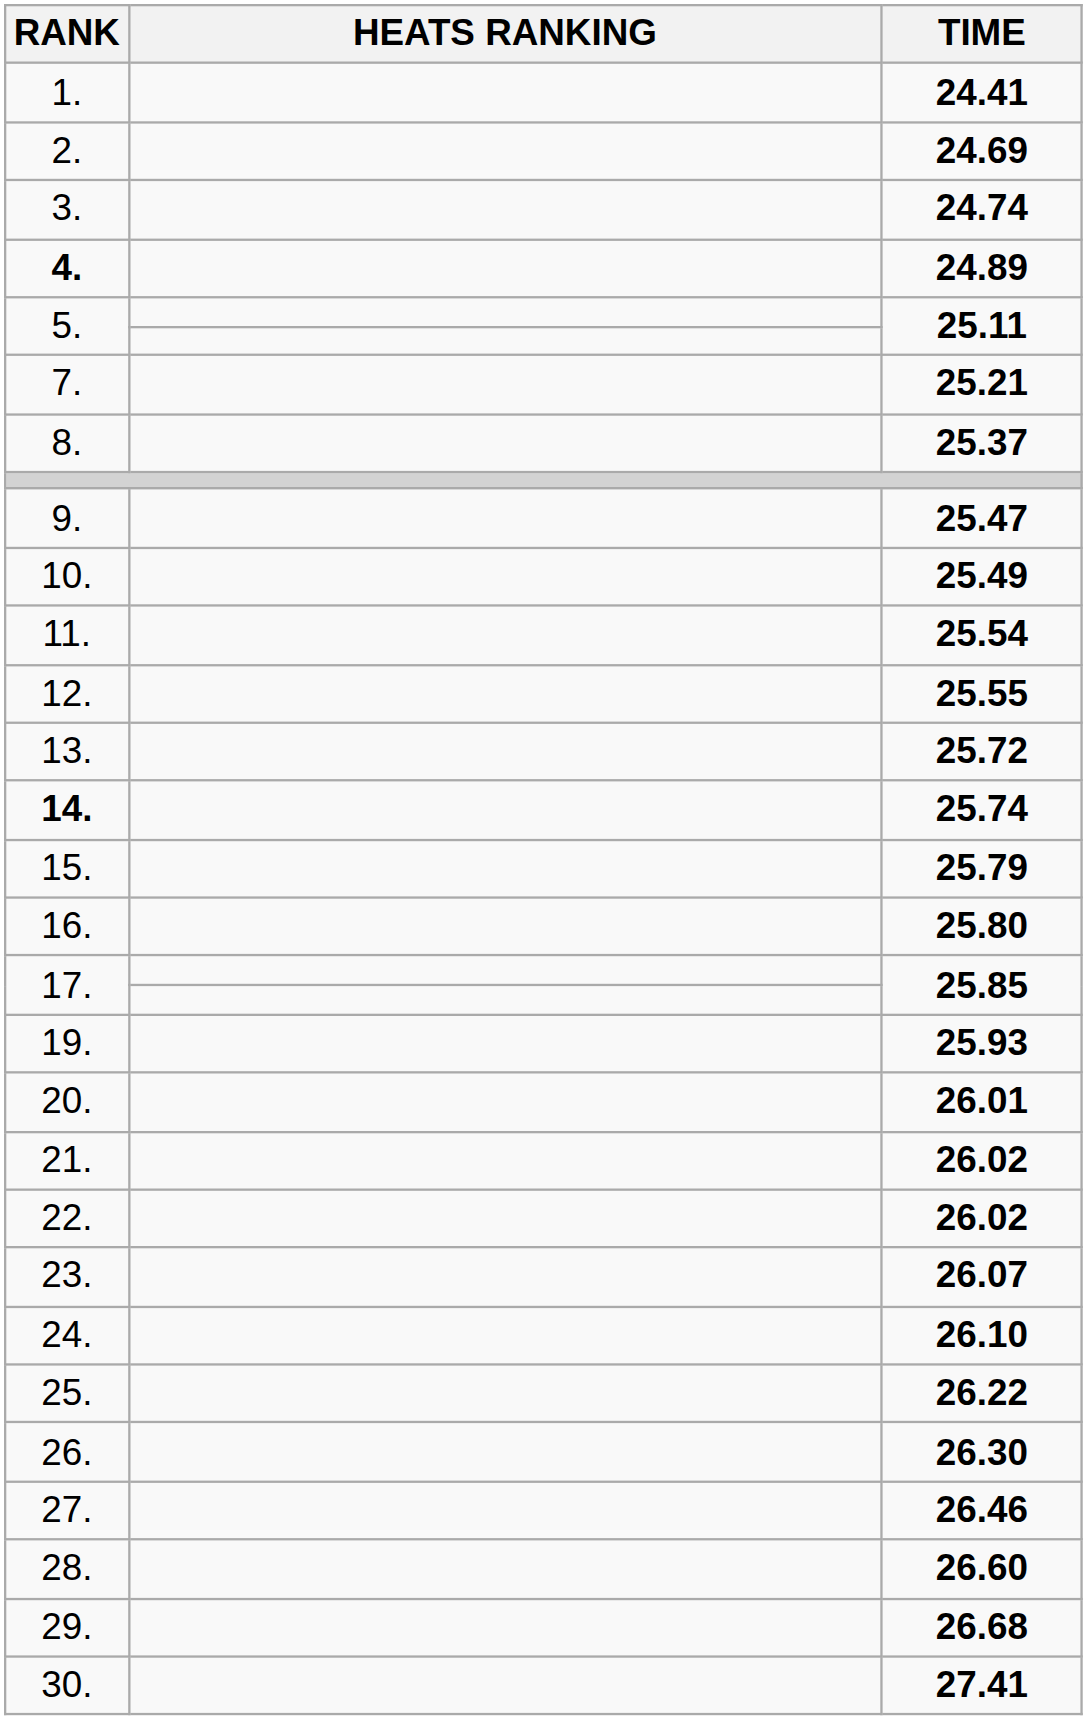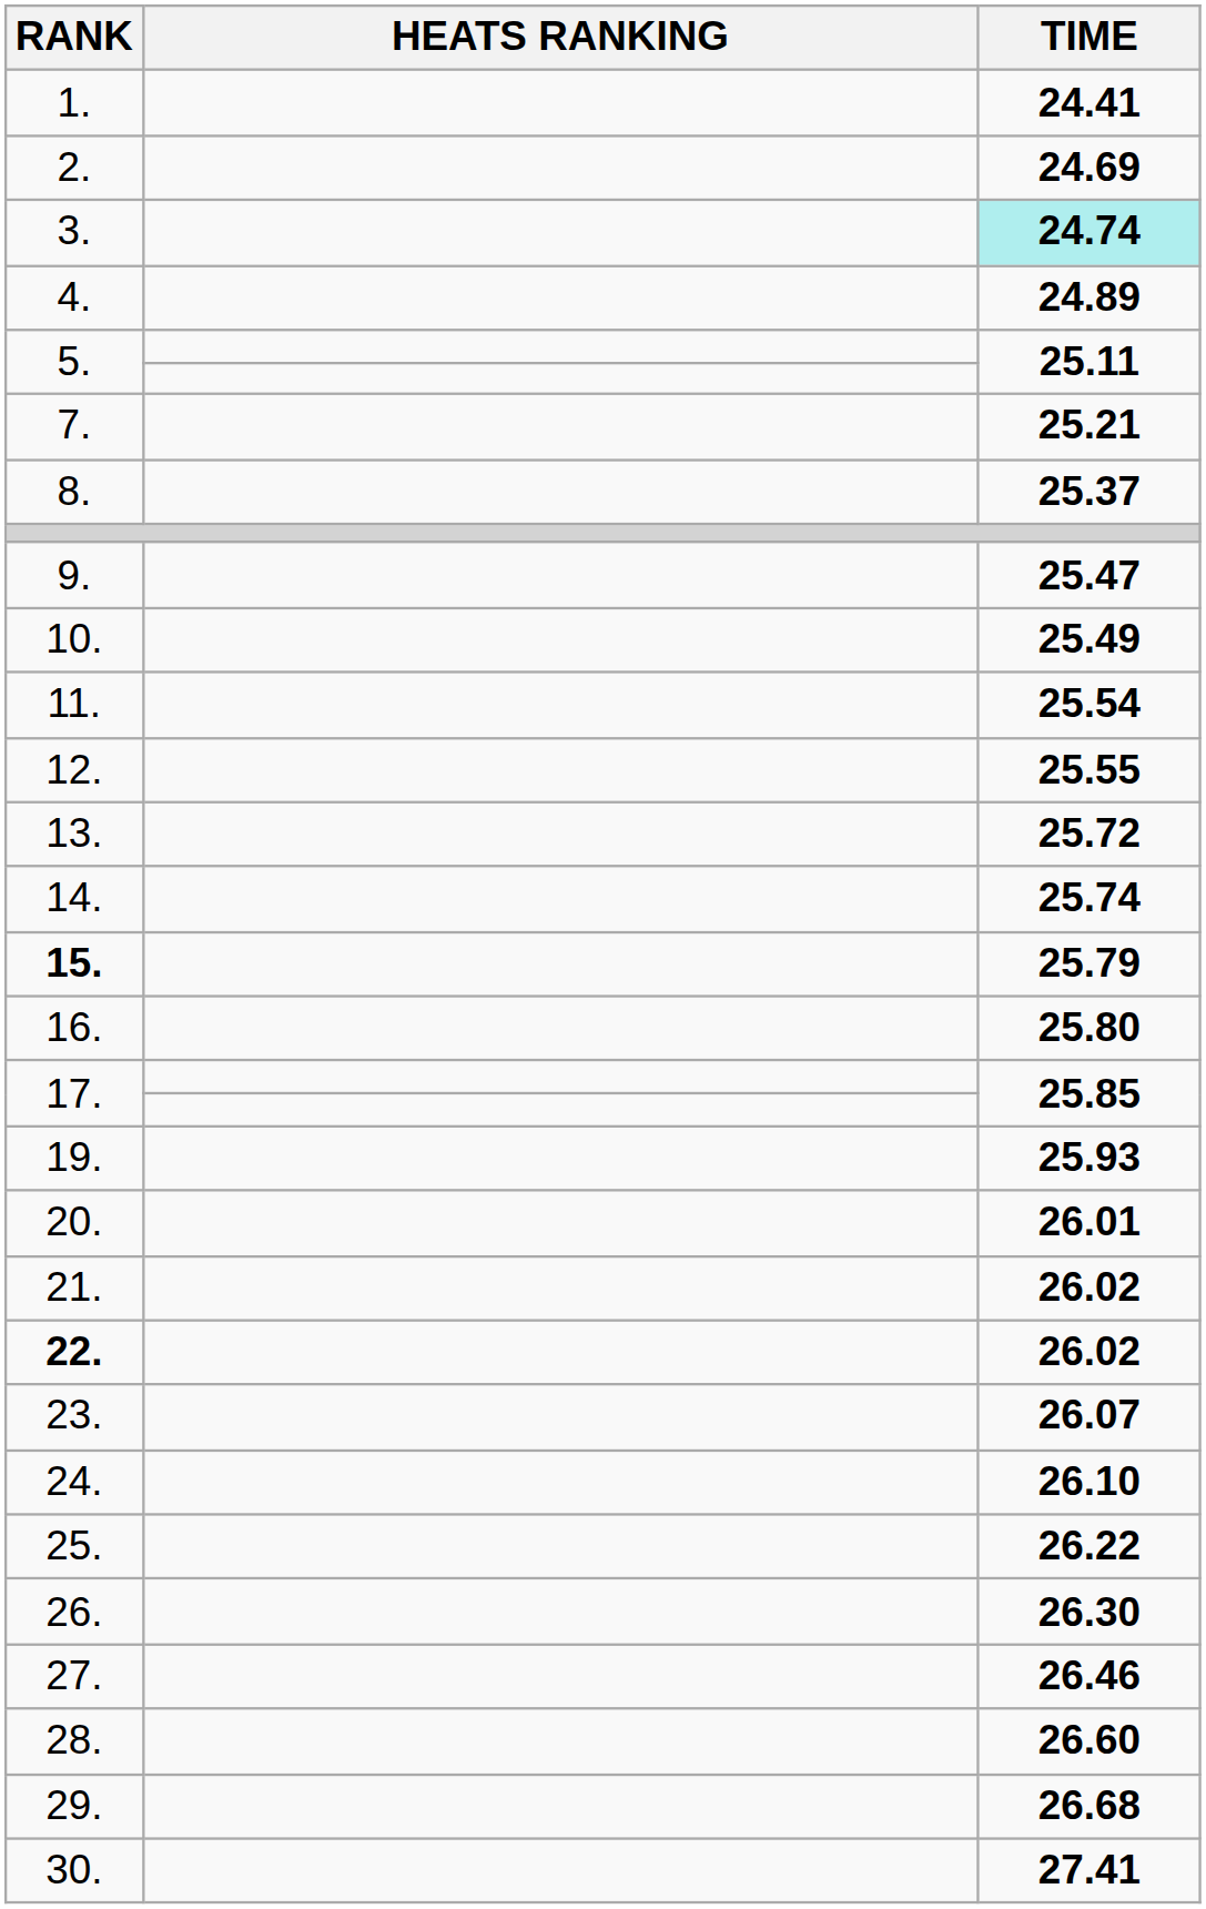 <table class="wikitable">
 <tr>
 <th>RANK</th>
 <th style="width: 20em">HEATS RANKING</th>
 <th style="width: 5em">TIME</th>
 </tr>
 <tr>
 <td align="center">1.</td>
 <td></td>
 <td align="center"><strong>24.41</strong></td>
 </tr>
 <tr>
 <td align="center">2.</td>
 <td></td>
 <td align="center"><strong>24.69</strong></td>
 </tr>
 <tr>
 <td align="center">3.</td>
 <td></td>
-<td align="center"><strong>24.74</strong></td>
+<td align="center" style="background: paleturquoise;"><strong>24.74</strong></td>
 </tr>
 <tr>
-<td align="center"><strong>4.</strong></td>
+<td align="center">4.</td>
 <td></td>
 <td align="center"><strong>24.89</strong></td>
 </tr>
 <tr>
 <td rowspan=2 align="center">5.</td>
 <td></td>
 <td rowspan=2 align="center"><strong>25.11</strong></td>
 </tr>
 <tr>
 <td></td>
 </tr>
 <tr>
 <td align="center">7.</td>
 <td></td>
 <td align="center"><strong>25.21</strong></td>
 </tr>
 <tr>
 <td align="center">8.</td>
 <td></td>
 <td align="center"><strong>25.37</strong></td>
 </tr>
 <tr>
 <td colspan=3 bgcolor=lightgray></td>
 </tr>
 <tr>
 <td align="center">9.</td>
 <td></td>
 <td align="center"><strong>25.47 </strong></td>
 </tr>
 <tr>
 <td align="center">10.</td>
 <td></td>
 <td align="center"><strong>25.49 </strong></td>
 </tr>
 <tr>
 <td align="center">11.</td>
 <td></td>
 <td align="center"><strong>25.54 </strong></td>
 </tr>
 <tr>
 <td align="center">12.</td>
 <td></td>
 <td align="center"><strong>25.55 </strong></td>
 </tr>
 <tr>
 <td align="center">13.</td>
 <td></td>
 <td align="center"><strong>25.72 </strong></td>
 </tr>
 <tr>
-<td align="center"><strong>14.</strong></td>
+<td align="center">14.</td>
 <td></td>
 <td align="center"><strong>25.74 </strong></td>
 </tr>
 <tr>
-<td align="center">15.</td>
+<td align="center"><strong>15.</strong></td>
 <td></td>
 <td align="center"><strong>25.79 </strong></td>
 </tr>
 <tr>
 <td align="center">16.</td>
 <td></td>
 <td align="center"><strong>25.80 </strong></td>
 </tr>
 <tr>
 <td rowspan=2 align="center">17.</td>
 <td></td>
 <td rowspan=2 align="center"><strong>25.85</strong></td>
 </tr>
 <tr>
 <td></td>
 </tr>
 <tr>
 <td align="center">19.</td>
 <td></td>
 <td align="center"><strong>25.93 </strong></td>
 </tr>
 <tr>
 <td align="center">20.</td>
 <td></td>
 <td align="center"><strong>26.01 </strong></td>
 </tr>
 <tr>
 <td align="center">21.</td>
 <td></td>
 <td align="center"><strong>26.02 </strong></td>
 </tr>
 <tr>
-<td align="center">22.</td>
+<td align="center"><strong>22.</strong></td>
 <td></td>
 <td align="center"><strong>26.02 </strong></td>
 </tr>
 <tr>
 <td align="center">23.</td>
 <td></td>
 <td align="center"><strong>26.07 </strong></td>
 </tr>
 <tr>
 <td align="center">24.</td>
 <td></td>
 <td align="center"><strong>26.10 </strong></td>
 </tr>
 <tr>
 <td align="center">25.</td>
 <td></td>
 <td align="center"><strong>26.22 </strong></td>
 </tr>
 <tr>
 <td align="center">26.</td>
 <td></td>
 <td align="center"><strong>26.30 </strong></td>
 </tr>
 <tr>
 <td align="center">27.</td>
 <td></td>
 <td align="center"><strong>26.46 </strong></td>
 </tr>
 <tr>
 <td align="center">28.</td>
 <td></td>
 <td align="center"><strong>26.60 </strong></td>
 </tr>
 <tr>
 <td align="center">29.</td>
 <td></td>
 <td align="center"><strong>26.68 </strong></td>
 </tr>
 <tr>
 <td align="center">30.</td>
 <td></td>
 <td align="center"><strong>27.41</strong></td>
 </tr>
 </table>
